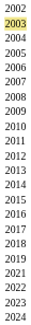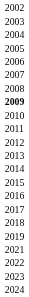 <table>
 <tr>
 <td>2002</td>
 <td></td>
 <td></td>
 <td></td>
 </tr>
 <tr>
-<td style="background: khaki;">2003</td>
+<td>2003</td>
 <td></td>
 </tr>
 <tr>
 <td>2004</td>
 <td></td>
 <td></td>
 <td></td>
 </tr>
 <tr>
 <td>2005</td>
 <td></td>
 </tr>
 <tr>
 <td>2006</td>
 <td></td>
 <td></td>
 <td></td>
 </tr>
 <tr>
 <td>2007</td>
 <td></td>
 <td></td>
 <td></td>
 </tr>
 <tr>
 <td>2008</td>
 <td></td>
 <td></td>
 <td></td>
 </tr>
 <tr>
-<td>2009</td>
+<td><strong>2009</strong></td>
 <td></td>
 <td></td>
 <td></td>
 <td></td>
 </tr>
 <tr>
 <td>2010</td>
 <td></td>
 <td></td>
 <td></td>
 </tr>
 <tr>
 <td>2011</td>
 <td></td>
 <td></td>
 <td></td>
 </tr>
 <tr>
 <td>2012</td>
 <td></td>
 <td></td>
 <td></td>
 </tr>
 <tr>
 <td>2013</td>
 <td></td>
 <td></td>
 <td></td>
 </tr>
 <tr>
 <td>2014</td>
 <td></td>
 <td></td>
 <td></td>
 </tr>
 <tr>
 <td>2015</td>
 <td></td>
 <td></td>
 <td></td>
 </tr>
 <tr>
 <td>2016</td>
 <td></td>
 <td></td>
 <td></td>
 </tr>
 <tr>
 <td>2017</td>
 <td></td>
 <td></td>
 <td></td>
 <td></td>
 </tr>
 <tr>
 <td>2018</td>
 <td></td>
 <td></td>
 <td></td>
 </tr>
 <tr>
 <td>2019</td>
 <td></td>
 <td></td>
 <td></td>
 </tr>
 <tr>
 <td>2021</td>
 <td></td>
 <td></td>
 <td></td>
 </tr>
 <tr>
 <td>2022</td>
 <td></td>
 <td></td>
 <td></td>
 </tr>
 <tr>
 <td>2023</td>
 <td></td>
 <td></td>
 <td></td>
 <td></td>
 </tr>
 <tr>
 <td>2024</td>
 <td></td>
 <td></td>
 <td></td>
 </tr>
 </table>
